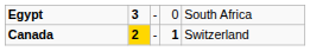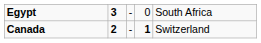 <table class="wikitable">
 <tr>
 <td width=150> <strong>Egypt</strong></td>
 <td style="width:20px; text-align:left;"><strong>3</strong></td>
 <td>-</td>
 <td style="width:20px; text-align:right;">0</td>
 <td width=150> South Africa</td>
 </tr>
 <tr>
 <td> <strong>Canada</strong></td>
-<td style="background: gold; text-align:left;"><strong>2</strong></td>
+<td style="text-align:left;"><strong>2</strong></td>
 <td>-</td>
 <td style="text-align:right;"><strong>1</strong></td>
 <td> Switzerland</td>
 </tr>
 </table>
